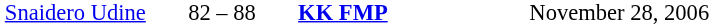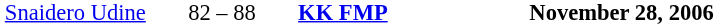 <table style="text-align:center">
 <tr>
 <th width=160></th>
 <th width=100></th>
 <th width=160></th>
 <th width=200></th>
 </tr>
 <tr>
 <td align=right><a href='#'>Snaidero Udine</a> </td>
 <td>82 – 88</td>
 <td align=left> <strong><a href='#'>KK FMP</a></strong></td>
-<td align=left>November 28, 2006</td>
+<td align=left><strong>November 28, 2006</strong></td>
 </tr>
 </table>
